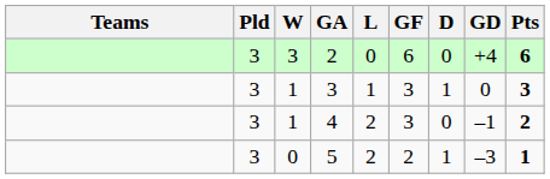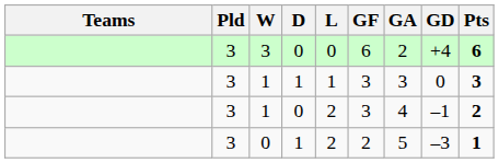 <table class="wikitable" style="text-align: center;">
 <tr>
 <th width=165>Teams</th>
 <th width=20>Pld</th>
 <th width=20>W</th>
-<th width=20>GA</th>
+<th width=20>D</th>
 <th width=20>L</th>
 <th width=20>GF</th>
-<th width=20>D</th>
+<th width=20>GA</th>
 <th width=20>GD</th>
 <th width=20>Pts</th>
 </tr>
 <tr align=center style="background:#ccffcc;">
 <td style="text-align:left;"></td>
 <td>3</td>
 <td>3</td>
-<td>2</td>
+<td>0</td>
 <td>0</td>
 <td>6</td>
-<td>0</td>
+<td>2</td>
 <td>+4</td>
 <td><strong>6</strong></td>
 </tr>
 <tr align=center>
 <td style="text-align:left;"></td>
 <td>3</td>
 <td>1</td>
-<td>3</td>
+<td>1</td>
 <td>1</td>
 <td>3</td>
-<td>1</td>
+<td>3</td>
 <td>0</td>
 <td><strong>3</strong></td>
 </tr>
 <tr align=center>
 <td style="text-align:left;"></td>
 <td>3</td>
 <td>1</td>
-<td>4</td>
+<td>0</td>
 <td>2</td>
 <td>3</td>
-<td>0</td>
+<td>4</td>
 <td>–1</td>
 <td><strong>2</strong></td>
 </tr>
 <tr align=center>
 <td style="text-align:left;"></td>
 <td>3</td>
 <td>0</td>
-<td>5</td>
+<td>1</td>
 <td>2</td>
 <td>2</td>
-<td>1</td>
+<td>5</td>
 <td>–3</td>
 <td><strong>1</strong></td>
 </tr>
 </table>
